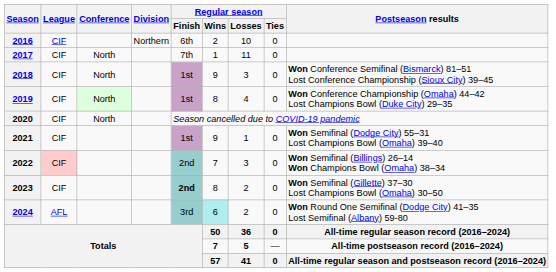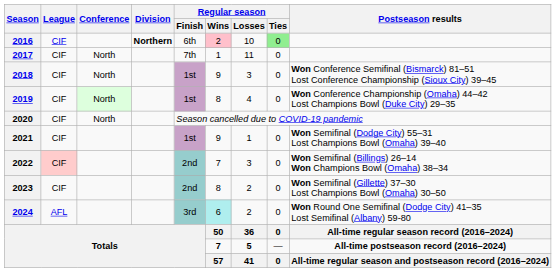 <table class="wikitable" style="text-align:center; font-size: 95%;">
 <tr>
 <th rowspan="2"><a href='#'>Season</a></th>
 <th rowspan="2"><a href='#'>League</a></th>
 <th rowspan="2"><a href='#'>Conference</a></th>
 <th rowspan="2"><a href='#'>Division</a></th>
 <th colspan="4"><a href='#'>Regular season</a></th>
 <th rowspan="2"><a href='#'>Postseason</a> results</th>
 </tr>
 <tr>
 <th>Finish</th>
 <th>Wins</th>
 <th>Losses</th>
 <th>Ties</th>
 </tr>
 <tr>
 <th><a href='#'>2016</a></th>
 <td><a href='#'>CIF</a></td>
 <td></td>
-<td>Northern</td>
+<td><strong>Northern</strong></td>
 <td>6th</td>
-<td>2</td>
+<td style="background: pink;">2</td>
 <td>10</td>
-<td>0</td>
+<td style="background: lightgreen;">0</td>
 <td style="text-align:left"></td>
 </tr>
 <tr>
 <th><a href='#'>2017</a></th>
 <td>CIF</td>
 <td>North</td>
 <td></td>
 <td>7th</td>
 <td>1</td>
 <td>11</td>
 <td>0</td>
 <td style="text-align:left"></td>
 </tr>
 <tr>
 <th><a href='#'>2018</a></th>
 <td>CIF</td>
 <td>North</td>
 <td></td>
 <td bgcolor=#c8a2c8>1st</td>
 <td>9</td>
 <td>3</td>
 <td>0</td>
 <td style="text-align:left"><strong>Won</strong> Conference Semifinal (<a href='#'>Bismarck</a>) 81–51<br>Lost Conference Championship (<a href='#'>Sioux City</a>) 39–45</td>
 </tr>
 <tr>
 <th><a href='#'>2019</a></th>
 <td>CIF</td>
 <td bgcolor=#dfd>North</td>
 <td></td>
 <td bgcolor=#c8a2c8>1st</td>
 <td>8</td>
 <td>4</td>
 <td>0</td>
 <td style="text-align:left"><strong>Won</strong> Conference Championship (<a href='#'>Omaha</a>) 44–42<br>Lost Champions Bowl (<a href='#'>Duke City</a>) 29–35</td>
 </tr>
 <tr>
 <th>2020</th>
 <td>CIF</td>
 <td>North</td>
 <td></td>
 <td colspan=5; align=left><em>Season cancelled due to <a href='#'>COVID-19 pandemic</a></em></td>
 </tr>
 <tr>
 <th>2021</th>
 <td>CIF</td>
 <td></td>
 <td></td>
 <td bgcolor=#c8a2c8>1st</td>
 <td>9</td>
 <td>1</td>
 <td>0</td>
 <td style="text-align:left"><strong>Won</strong> Semifinal (<a href='#'>Dodge City</a>) 55–31<br>Lost Champions Bowl (<a href='#'>Omaha</a>) 39–40</td>
 </tr>
 <tr>
 <th>2022</th>
 <td bgcolor=#fcc>CIF</td>
 <td></td>
 <td></td>
 <td bgcolor=#96cdcd>2nd</td>
 <td>7</td>
 <td>3</td>
 <td>0</td>
 <td style="text-align:left"><strong>Won</strong> Semifinal (<a href='#'>Billings</a>) 26–14<br><strong>Won</strong> Champions Bowl (<a href='#'>Omaha</a>) 38–34</td>
 </tr>
 <tr>
 <th>2023</th>
 <td>CIF</td>
 <td></td>
 <td></td>
-<td bgcolor=#96cdcd><strong>2nd</strong></td>
+<td bgcolor=#96cdcd>2nd</td>
 <td>8</td>
 <td>2</td>
 <td>0</td>
 <td style="text-align:left"><strong>Won</strong> Semifinal (<a href='#'>Gillette</a>) 37–30<br>Lost Champions Bowl (<a href='#'>Omaha</a>) 30–50</td>
 </tr>
 <tr>
 <th><a href='#'>2024</a></th>
 <td><a href='#'>AFL</a></td>
 <td></td>
 <td></td>
 <td bgcolor=#96cdcd>3rd</td>
 <td style="background: paleturquoise;">6</td>
 <td>2</td>
 <td>0</td>
 <td style="text-align:left"><strong>Won</strong> Round One Semifinal (<a href='#'>Dodge City</a>) 41–35<br>Lost Semifinal (<a href='#'>Albany</a>) 59-80</td>
 </tr>
 <tr>
 <th rowspan="3" colspan="5">Totals</th>
 <th>50</th>
 <th>36</th>
 <th>0</th>
 <th>All-time regular season record (2016–2024)</th>
 </tr>
 <tr>
 <td><strong>7</strong></td>
 <td><strong>5</strong></td>
 <td>—</td>
 <td><strong>All-time postseason record (2016–2024)</strong></td>
 </tr>
 <tr>
 <th>57</th>
 <th>41</th>
 <th>0</th>
 <th>All-time regular season and postseason record (2016–2024)</th>
 </tr>
 </table>
